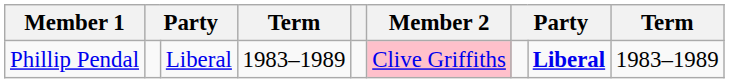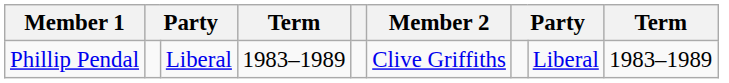 <table class="wikitable">
 <tr>
 <th>Member 1</th>
 <th colspan=2>Party</th>
 <th>Term</th>
 <th></th>
 <th>Member 2</th>
 <th colspan=2>Party</th>
 <th>Term</th>
 </tr>
 <tr>
 <td><a href='#'>Phillip Pendal</a></td>
 <td> </td>
 <td><a href='#'>Liberal</a></td>
 <td>1983–1989</td>
 <td> </td>
-<td style="background: pink;"><a href='#'>Clive Griffiths</a></td>
+<td><a href='#'>Clive Griffiths</a></td>
 <td> </td>
-<td><strong><a href='#'>Liberal</a></strong></td>
+<td><a href='#'>Liberal</a></td>
 <td>1983–1989</td>
 </tr>
 </table>
